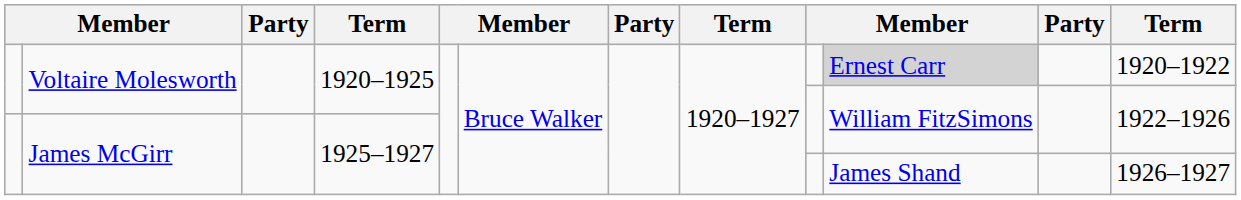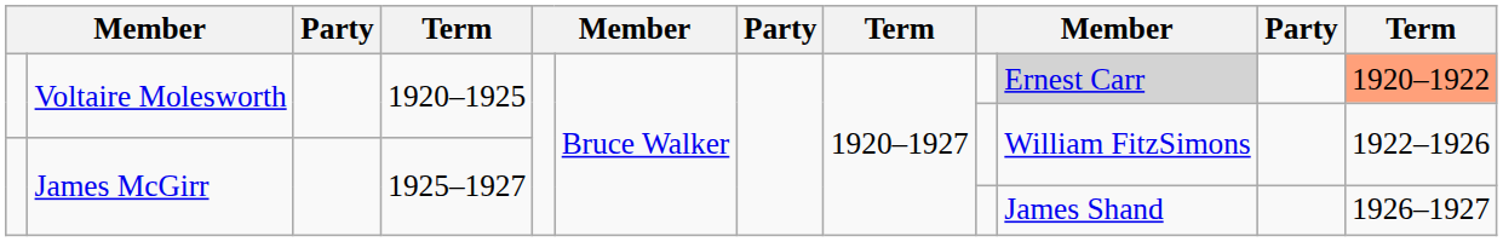 <table class="wikitable">
 <tr>
 <th colspan="2">Member</th>
 <th>Party</th>
 <th>Term</th>
 <th colspan="2">Member</th>
 <th>Party</th>
 <th>Term</th>
 <th colspan="2">Member</th>
 <th>Party</th>
 <th>Term</th>
 </tr>
 <tr>
 <td rowspan="2" ><br> </td>
 <td rowspan="2"><a href='#'>Voltaire Molesworth</a></td>
 <td rowspan="2"></td>
 <td rowspan="2">1920–1925</td>
 <td rowspan="4" > </td>
 <td rowspan="4"><a href='#'>Bruce Walker</a></td>
 <td rowspan="4"></td>
 <td rowspan="4">1920–1927</td>
 <td> </td>
 <td style="background: lightgrey;"><a href='#'>Ernest Carr</a></td>
 <td></td>
-<td>1920–1922</td>
+<td style="background: lightsalmon;">1920–1922</td>
 </tr>
 <tr>
 <td rowspan="2" ><br> </td>
 <td rowspan="2"><a href='#'>William FitzSimons</a></td>
 <td rowspan="2"></td>
 <td rowspan="2">1922–1926</td>
 </tr>
 <tr>
 <td rowspan="2" ><br> </td>
 <td rowspan="2"><a href='#'>James McGirr</a></td>
 <td rowspan="2"></td>
 <td rowspan="2">1925–1927</td>
 </tr>
 <tr>
 <td> </td>
 <td><a href='#'>James Shand</a></td>
 <td></td>
 <td>1926–1927</td>
 </tr>
 </table>
